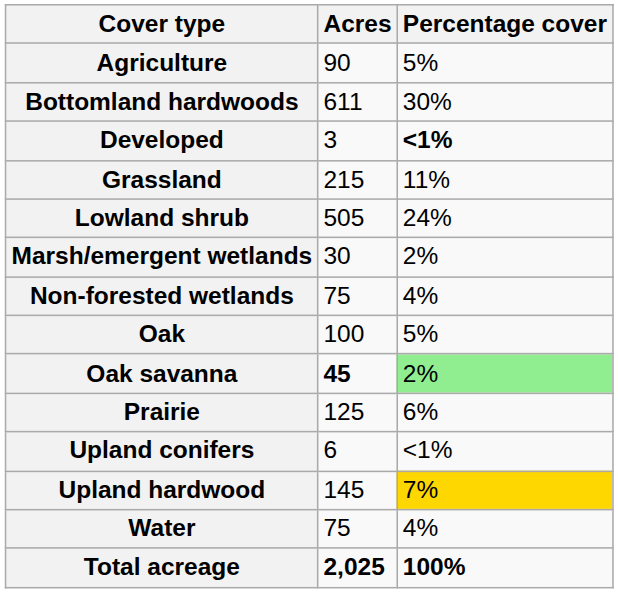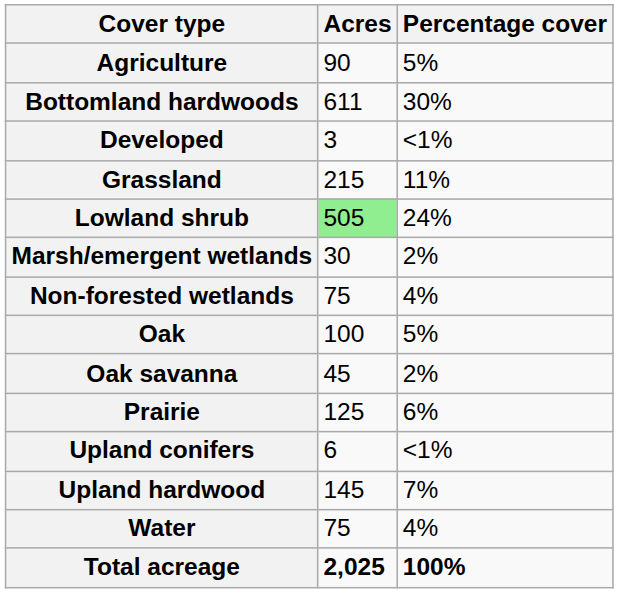 <table class="wikitable" style="margin-left: auto; margin-right: auto; border: none;">
 <tr>
 <th>Cover type</th>
 <th>Acres</th>
 <th>Percentage cover</th>
 </tr>
 <tr>
 <th>Agriculture</th>
 <td>90</td>
 <td>5%</td>
 </tr>
 <tr>
 <th>Bottomland hardwoods</th>
 <td>611</td>
 <td>30%</td>
 </tr>
 <tr>
 <th>Developed</th>
 <td>3</td>
-<td><strong><1%</strong></td>
+<td><1%</td>
 </tr>
 <tr>
 <th>Grassland</th>
 <td>215</td>
 <td>11%</td>
 </tr>
 <tr>
 <th>Lowland shrub</th>
-<td>505</td>
+<td style="background: lightgreen;">505</td>
 <td>24%</td>
 </tr>
 <tr>
 <th>Marsh/emergent wetlands</th>
 <td>30</td>
 <td>2%</td>
 </tr>
 <tr>
 <th>Non-forested wetlands</th>
 <td>75</td>
 <td>4%</td>
 </tr>
 <tr>
 <th>Oak</th>
 <td>100</td>
 <td>5%</td>
 </tr>
 <tr>
 <th>Oak savanna</th>
-<td><strong>45</strong></td>
-<td style="background: lightgreen;">2%</td>
+<td>45</td>
+<td>2%</td>
 </tr>
 <tr>
 <th>Prairie</th>
 <td>125</td>
 <td>6%</td>
 </tr>
 <tr>
 <th>Upland conifers</th>
 <td>6</td>
 <td><1%</td>
 </tr>
 <tr>
 <th>Upland hardwood</th>
 <td>145</td>
-<td style="background: gold;">7%</td>
+<td>7%</td>
 </tr>
 <tr>
 <th>Water</th>
 <td>75</td>
 <td>4%</td>
 </tr>
 <tr>
 <th>Total acreage</th>
 <td><strong>2,025</strong></td>
 <td><strong>100%</strong></td>
 </tr>
 <tr>
 </tr>
 </table>
